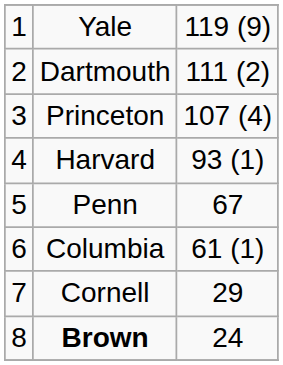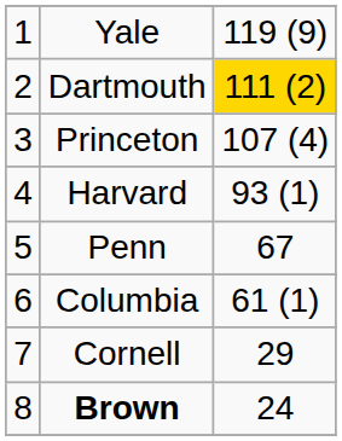 <table class="wikitable">
 <tr align="center">
 </tr>
 <tr align="center">
 <td>1</td>
 <td>Yale</td>
 <td>119 (9)</td>
 </tr>
 <tr align="center">
 <td>2</td>
 <td>Dartmouth</td>
-<td>111 (2)</td>
+<td style="background: gold;">111 (2)</td>
 </tr>
 <tr align="center">
 <td>3</td>
 <td>Princeton</td>
 <td>107 (4)</td>
 </tr>
 <tr align="center">
 <td>4</td>
 <td>Harvard</td>
 <td>93 (1)</td>
 </tr>
 <tr align="center">
 <td>5</td>
 <td>Penn</td>
 <td>67</td>
 </tr>
 <tr align="center">
 <td>6</td>
 <td>Columbia</td>
 <td>61 (1)</td>
 </tr>
 <tr align="center">
 <td>7</td>
 <td>Cornell</td>
 <td>29</td>
 </tr>
 <tr align="center">
 <td>8</td>
 <td><strong>Brown</strong></td>
 <td>24</td>
 </tr>
 <tr>
 </tr>
 </table>
